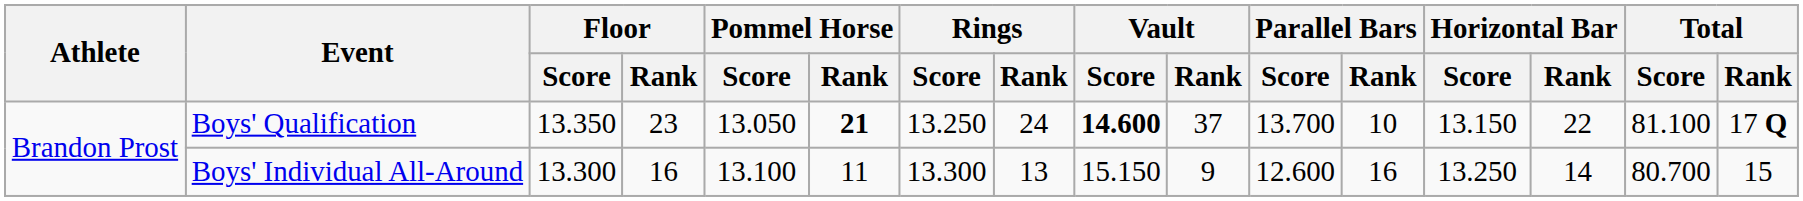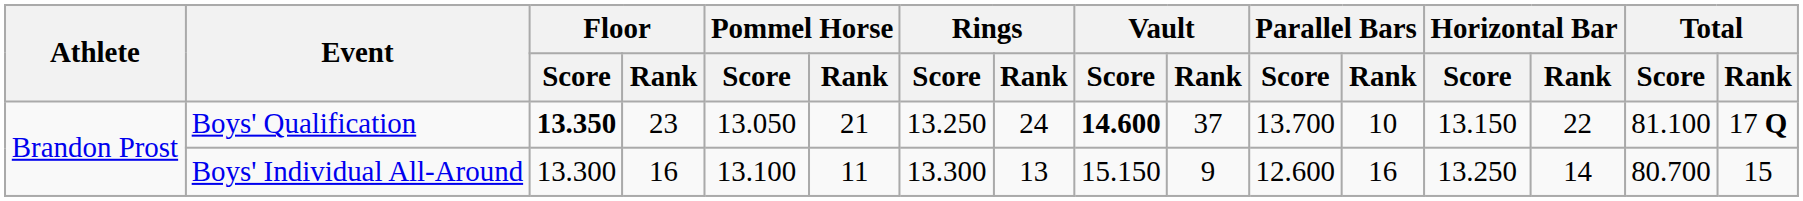 <table class="wikitable" border="1" style="font-size:90%">
 <tr>
 <th rowspan=2>Athlete</th>
 <th rowspan=2>Event</th>
 <th colspan=2>Floor</th>
 <th colspan=2>Pommel Horse</th>
 <th colspan=2>Rings</th>
 <th colspan=2>Vault</th>
 <th colspan=2>Parallel Bars</th>
 <th colspan=2>Horizontal Bar</th>
 <th colspan=2>Total</th>
 </tr>
 <tr>
 <th>Score</th>
 <th>Rank</th>
 <th>Score</th>
 <th>Rank</th>
 <th>Score</th>
 <th>Rank</th>
 <th>Score</th>
 <th>Rank</th>
 <th>Score</th>
 <th>Rank</th>
 <th>Score</th>
 <th>Rank</th>
 <th>Score</th>
 <th>Rank</th>
 </tr>
 <tr>
 <td rowspan=2><a href='#'>Brandon Prost</a></td>
 <td><a href='#'>Boys' Qualification</a></td>
-<td align=center>13.350</td>
+<td align=center><strong>13.350</strong></td>
 <td align=center>23</td>
 <td align=center>13.050</td>
-<td align=center><strong>21</strong></td>
+<td align=center>21</td>
 <td align=center>13.250</td>
 <td align=center>24</td>
 <td align=center><strong>14.600</strong></td>
 <td align=center>37</td>
 <td align=center>13.700</td>
 <td align=center>10</td>
 <td align=center>13.150</td>
 <td align=center>22</td>
 <td align=center>81.100</td>
 <td align=center>17 <strong>Q</strong></td>
 </tr>
 <tr>
 <td><a href='#'>Boys' Individual All-Around</a></td>
 <td align=center>13.300</td>
 <td align=center>16</td>
 <td align=center>13.100</td>
 <td align=center>11</td>
 <td align=center>13.300</td>
 <td align=center>13</td>
 <td align=center>15.150</td>
 <td align=center>9</td>
 <td align=center>12.600</td>
 <td align=center>16</td>
 <td align=center>13.250</td>
 <td align=center>14</td>
 <td align=center>80.700</td>
 <td align=center>15</td>
 </tr>
 </table>
